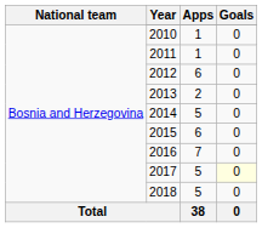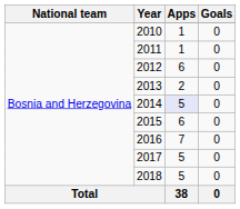 <table class="wikitable" style="text-align:center">
 <tr>
 <th>National team</th>
 <th>Year</th>
 <th>Apps</th>
 <th>Goals</th>
 </tr>
 <tr>
 <td rowspan=10><a href='#'>Bosnia and Herzegovina</a></td>
 </tr>
 <tr>
 <td>2010</td>
 <td>1</td>
 <td>0</td>
 </tr>
 <tr>
 <td>2011</td>
 <td>1</td>
 <td>0</td>
 </tr>
 <tr>
 <td>2012</td>
 <td>6</td>
 <td>0</td>
 </tr>
 <tr>
 <td>2013</td>
 <td>2</td>
 <td>0</td>
 </tr>
 <tr>
 <td>2014</td>
-<td>5</td>
+<td style="background: lavender;">5</td>
 <td>0</td>
 </tr>
 <tr>
 <td>2015</td>
 <td>6</td>
 <td>0</td>
 </tr>
 <tr>
 <td>2016</td>
 <td>7</td>
 <td>0</td>
 </tr>
 <tr>
 <td>2017</td>
 <td>5</td>
-<td style="background: lightyellow;">0</td>
+<td>0</td>
 </tr>
 <tr>
 <td>2018</td>
 <td>5</td>
 <td>0</td>
 </tr>
 <tr>
 <th colspan=2>Total</th>
 <th>38</th>
 <th>0</th>
 </tr>
 </table>
